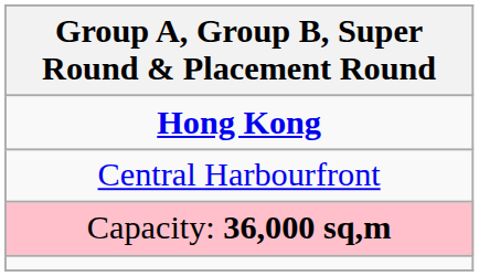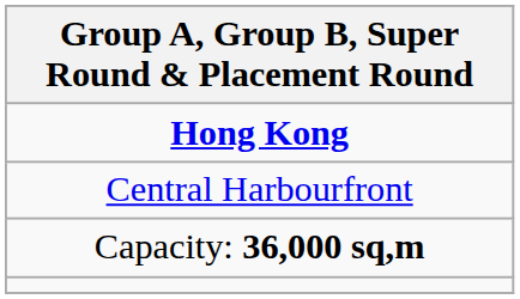 <table class="wikitable" style="text-align:center" width=225>
 <tr>
 <th>Group A, Group B, Super Round & Placement Round</th>
 </tr>
 <tr>
 <td> <strong><a href='#'>Hong Kong</a></strong></td>
 </tr>
 <tr>
 <td><a href='#'>Central Harbourfront</a></td>
 </tr>
 <tr>
-<td style="background: pink;">Capacity: <strong>36,000 sq,m</strong></td>
+<td>Capacity: <strong>36,000 sq,m</strong></td>
 </tr>
 <tr>
 <td></td>
 </tr>
 </table>
